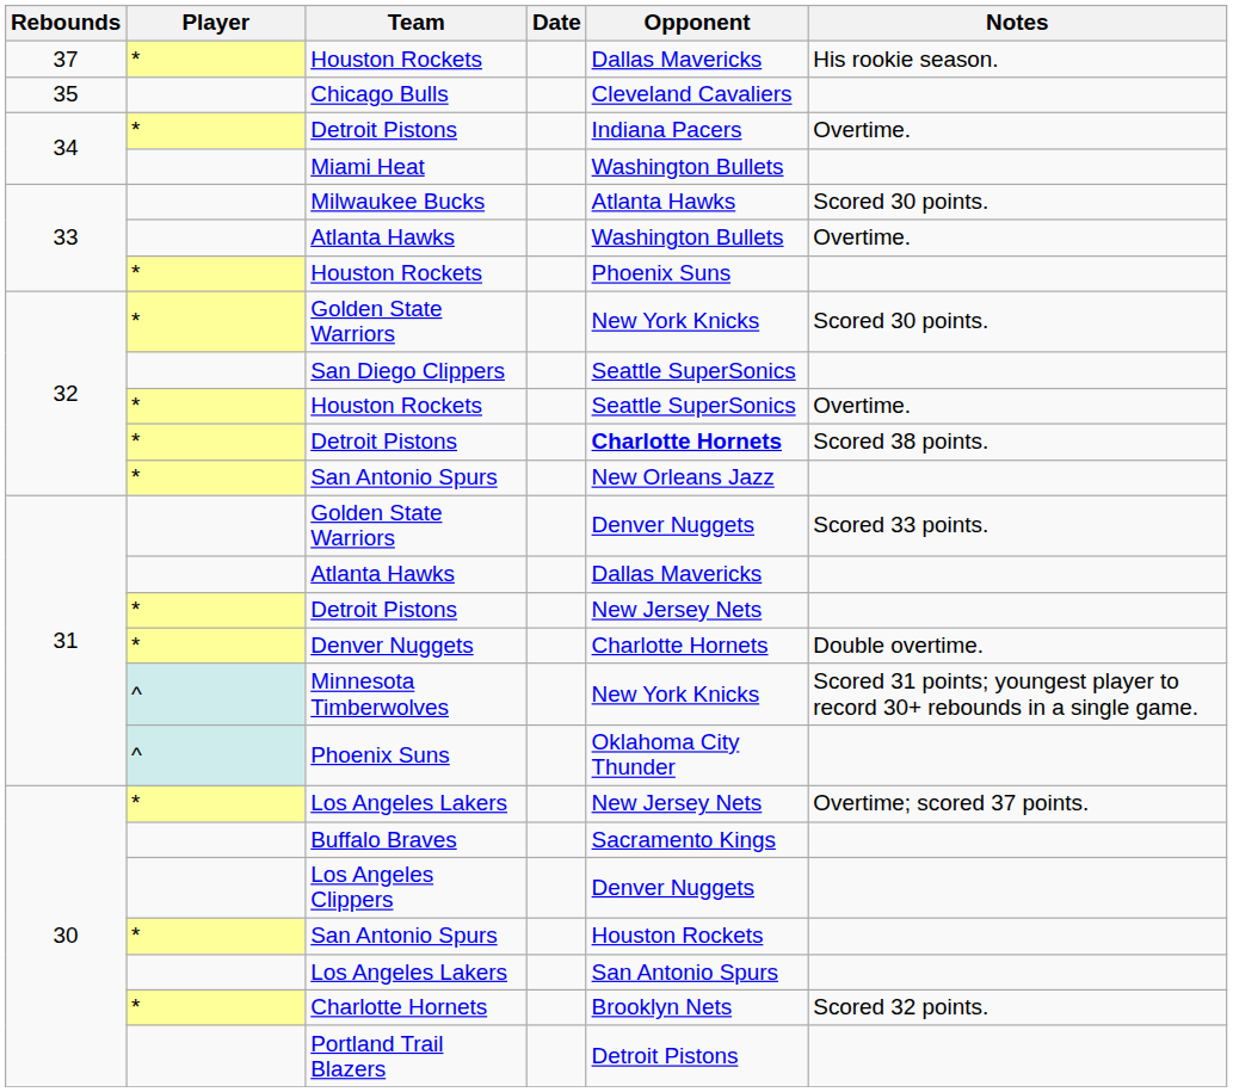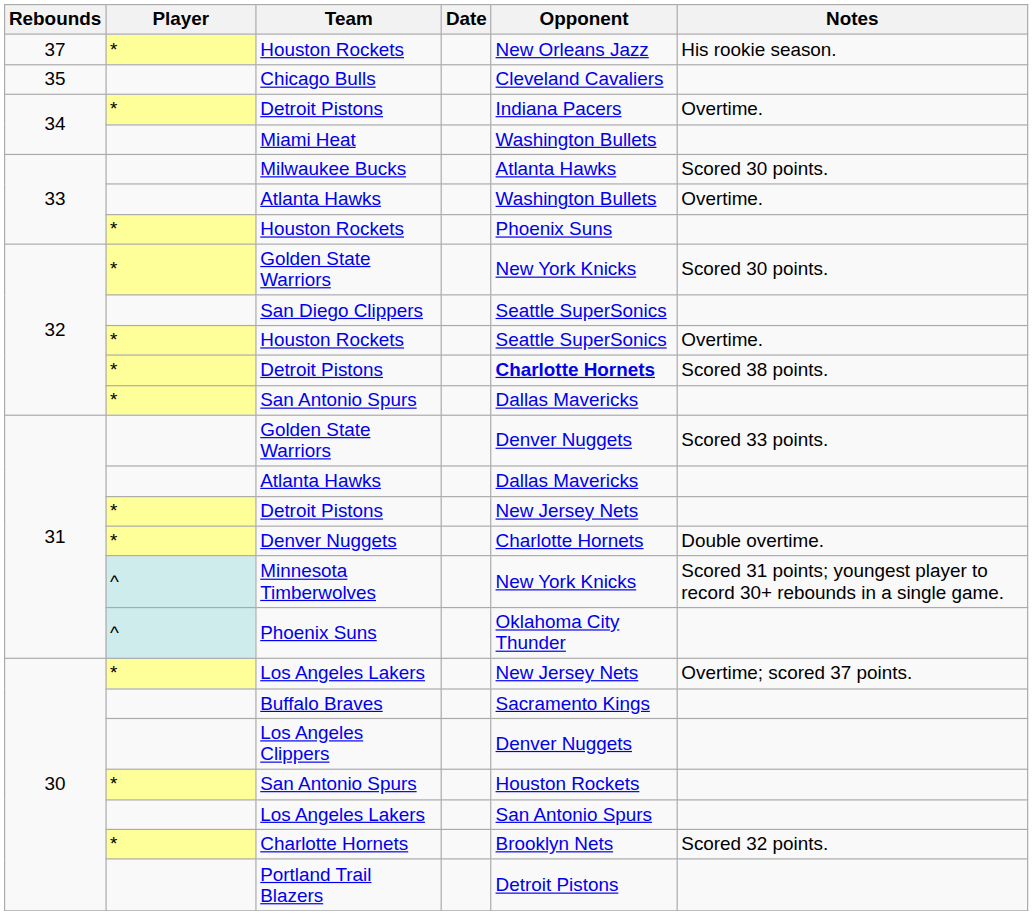 <table class="wikitable sortable">
 <tr>
 <th>Rebounds</th>
 <th width=120>Player</th>
 <th width=150>Team</th>
 <th>Date</th>
 <th width=150>Opponent</th>
 <th class="unsortable">Notes</th>
 </tr>
 <tr>
 <td align=center>37</td>
 <td bgcolor="#FFFF99">*</td>
 <td><a href='#'>Houston Rockets</a></td>
 <td></td>
-<td><a href='#'>Dallas Mavericks</a></td>
+<td><a href='#'>New Orleans Jazz</a></td>
 <td>His rookie season.</td>
 </tr>
 <tr>
 <td align=center>35</td>
 <td></td>
 <td><a href='#'>Chicago Bulls</a></td>
 <td></td>
 <td><a href='#'>Cleveland Cavaliers</a></td>
 <td></td>
 </tr>
 <tr>
 <td align=center rowspan=2>34</td>
 <td bgcolor="#FFFF99">*</td>
 <td><a href='#'>Detroit Pistons</a></td>
 <td></td>
 <td><a href='#'>Indiana Pacers</a></td>
 <td>Overtime.</td>
 </tr>
 <tr>
 <td></td>
 <td><a href='#'>Miami Heat</a></td>
 <td></td>
 <td><a href='#'>Washington Bullets</a></td>
 <td></td>
 </tr>
 <tr>
 <td align=center rowspan=3>33</td>
 <td></td>
 <td><a href='#'>Milwaukee Bucks</a></td>
 <td></td>
 <td><a href='#'>Atlanta Hawks</a></td>
 <td>Scored 30 points.</td>
 </tr>
 <tr>
 <td></td>
 <td><a href='#'>Atlanta Hawks</a></td>
 <td></td>
 <td><a href='#'>Washington Bullets</a></td>
 <td>Overtime.</td>
 </tr>
 <tr>
 <td bgcolor="#FFFF99">*</td>
 <td><a href='#'>Houston Rockets</a></td>
 <td></td>
 <td><a href='#'>Phoenix Suns</a></td>
 <td></td>
 </tr>
 <tr>
 <td align=center rowspan=5>32</td>
 <td bgcolor="#FFFF99">*</td>
 <td><a href='#'>Golden State Warriors</a></td>
 <td></td>
 <td><a href='#'>New York Knicks</a></td>
 <td>Scored 30 points.</td>
 </tr>
 <tr>
 <td></td>
 <td><a href='#'>San Diego Clippers</a></td>
 <td></td>
 <td><a href='#'>Seattle SuperSonics</a></td>
 <td></td>
 </tr>
 <tr>
 <td bgcolor="#FFFF99">*</td>
 <td><a href='#'>Houston Rockets</a></td>
 <td></td>
 <td><a href='#'>Seattle SuperSonics</a></td>
 <td>Overtime.</td>
 </tr>
 <tr>
 <td bgcolor="#FFFF99">*</td>
 <td><a href='#'>Detroit Pistons</a></td>
 <td></td>
 <td><strong><a href='#'>Charlotte Hornets</a></strong></td>
 <td>Scored 38 points.</td>
 </tr>
 <tr>
 <td bgcolor="#FFFF99">*</td>
 <td><a href='#'>San Antonio Spurs</a></td>
 <td></td>
-<td><a href='#'>New Orleans Jazz</a></td>
+<td><a href='#'>Dallas Mavericks</a></td>
 <td></td>
 </tr>
 <tr>
 <td align=center rowspan=6>31</td>
 <td></td>
 <td><a href='#'>Golden State Warriors</a></td>
 <td></td>
 <td><a href='#'>Denver Nuggets</a></td>
 <td>Scored 33 points.</td>
 </tr>
 <tr>
 <td></td>
 <td><a href='#'>Atlanta Hawks</a></td>
 <td></td>
 <td><a href='#'>Dallas Mavericks</a></td>
 <td></td>
 </tr>
 <tr>
 <td bgcolor="#FFFF99">*</td>
 <td><a href='#'>Detroit Pistons</a></td>
 <td></td>
 <td><a href='#'>New Jersey Nets</a></td>
 <td></td>
 </tr>
 <tr>
 <td bgcolor="#FFFF99">*</td>
 <td><a href='#'>Denver Nuggets</a></td>
 <td></td>
 <td><a href='#'>Charlotte Hornets</a></td>
 <td>Double overtime.</td>
 </tr>
 <tr>
 <td bgcolor="#CFECEC">^</td>
 <td><a href='#'>Minnesota Timberwolves</a></td>
 <td></td>
 <td><a href='#'>New York Knicks</a></td>
 <td>Scored 31 points; youngest player to record 30+ rebounds in a single game.</td>
 </tr>
 <tr>
 <td bgcolor="#CFECEC">^</td>
 <td><a href='#'>Phoenix Suns</a></td>
 <td></td>
 <td><a href='#'>Oklahoma City Thunder</a></td>
 <td></td>
 </tr>
 <tr>
 <td align=center rowspan=7>30</td>
 <td bgcolor="#FFFF99">*</td>
 <td><a href='#'>Los Angeles Lakers</a></td>
 <td></td>
 <td><a href='#'>New Jersey Nets</a></td>
 <td>Overtime; scored 37 points.</td>
 </tr>
 <tr>
 <td></td>
 <td><a href='#'>Buffalo Braves</a></td>
 <td></td>
 <td><a href='#'>Sacramento Kings</a></td>
 <td></td>
 </tr>
 <tr>
 <td></td>
 <td><a href='#'>Los Angeles Clippers</a></td>
 <td></td>
 <td><a href='#'>Denver Nuggets</a></td>
 <td></td>
 </tr>
 <tr>
 <td bgcolor="#FFFF99">*</td>
 <td><a href='#'>San Antonio Spurs</a></td>
 <td></td>
 <td><a href='#'>Houston Rockets</a></td>
 <td></td>
 </tr>
 <tr>
 <td></td>
 <td><a href='#'>Los Angeles Lakers</a></td>
 <td></td>
 <td><a href='#'>San Antonio Spurs</a></td>
 <td></td>
 </tr>
 <tr>
 <td bgcolor="#FFFF99">*</td>
 <td><a href='#'>Charlotte Hornets</a></td>
 <td></td>
 <td><a href='#'>Brooklyn Nets</a></td>
 <td>Scored 32 points.</td>
 </tr>
 <tr>
 <td></td>
 <td><a href='#'>Portland Trail Blazers</a></td>
 <td></td>
 <td><a href='#'>Detroit Pistons</a></td>
 <td></td>
 </tr>
 </table>
